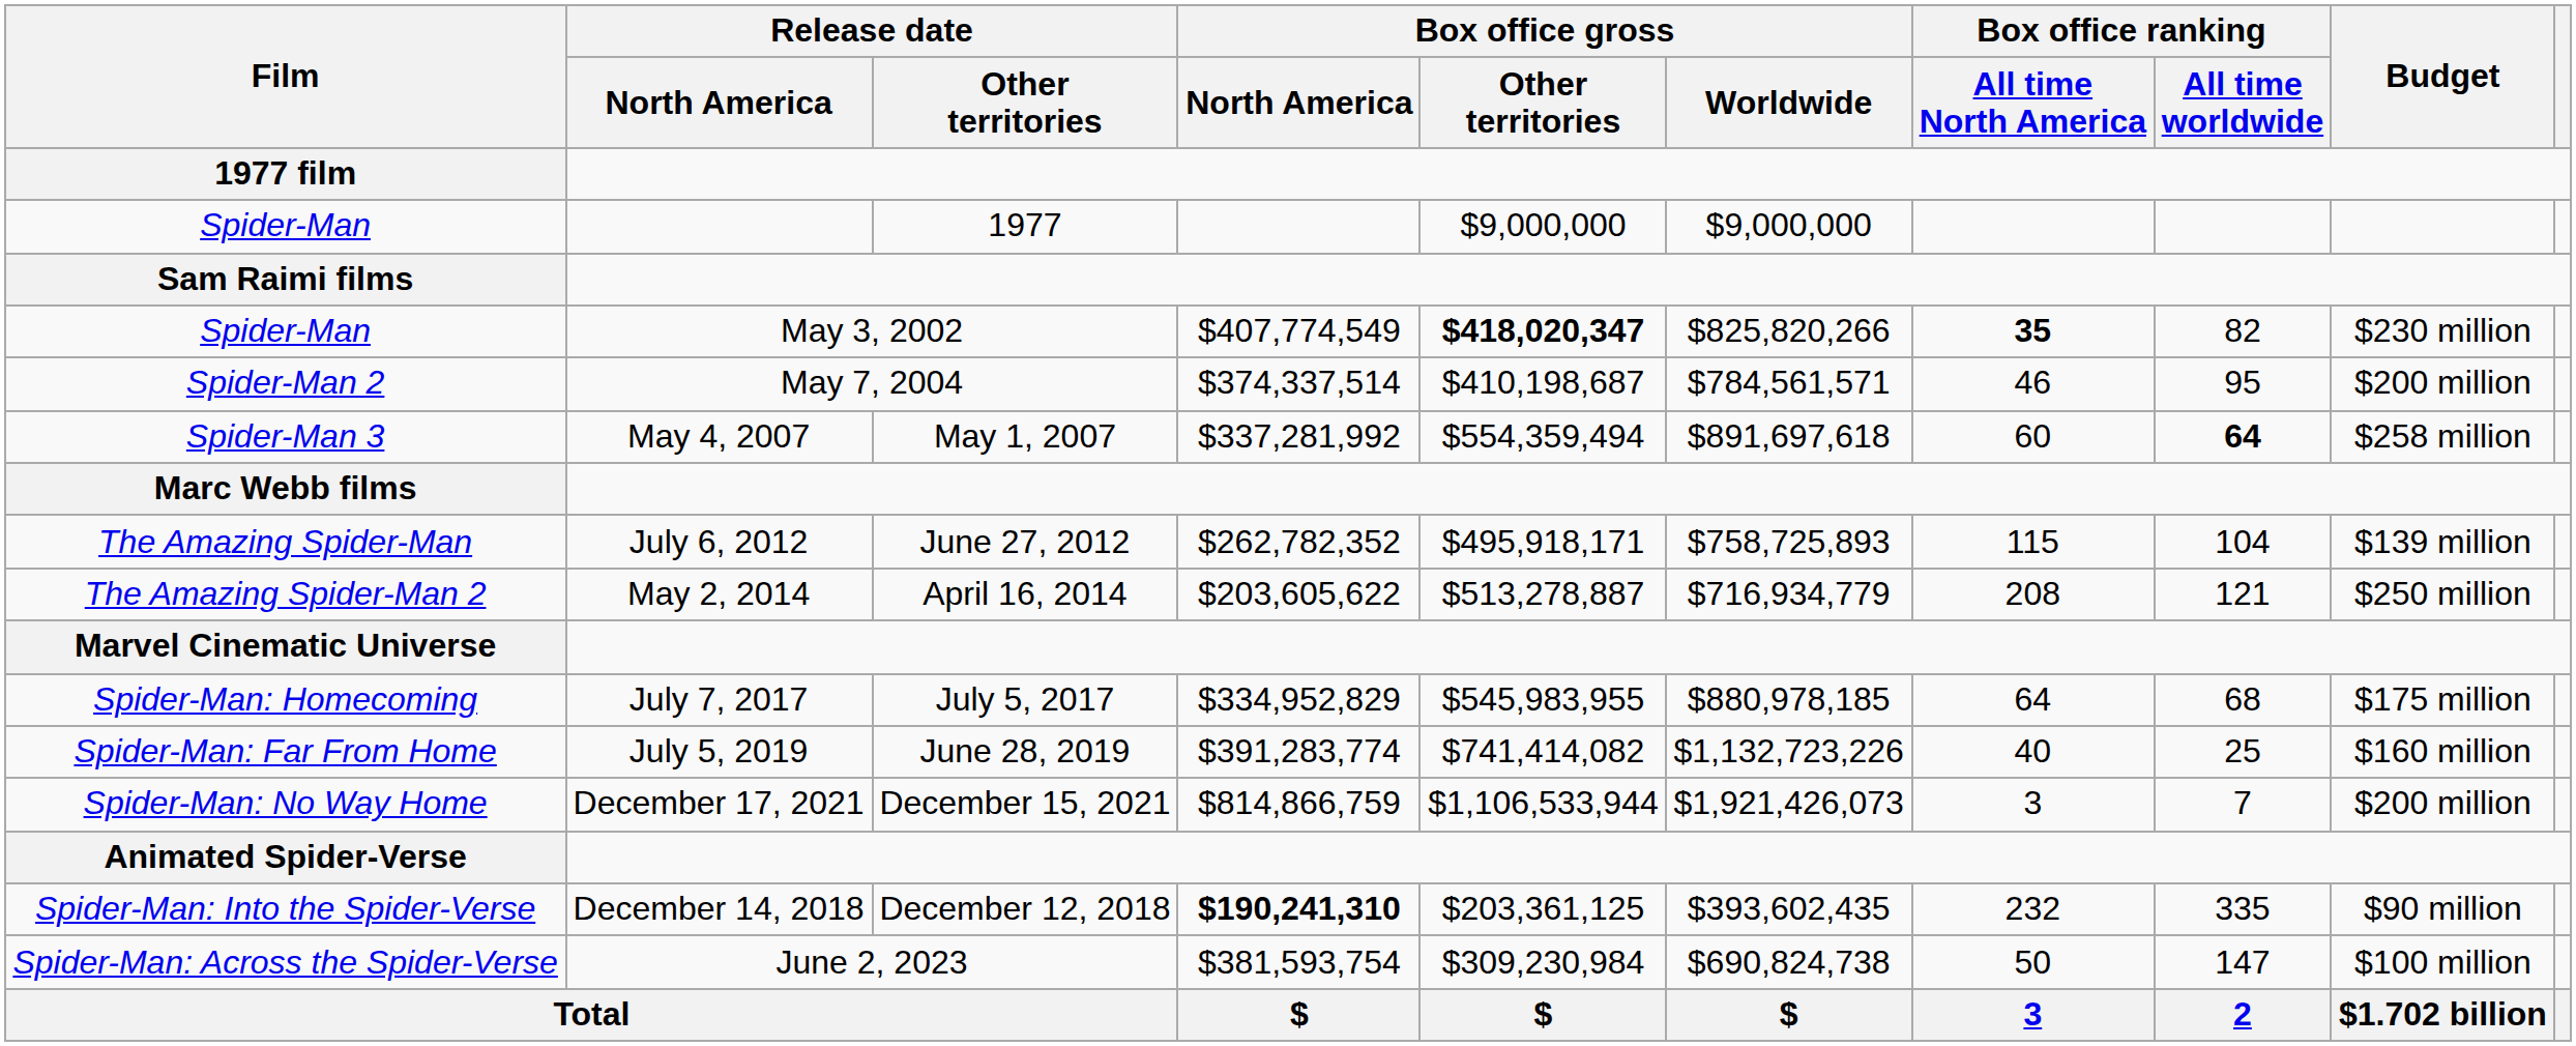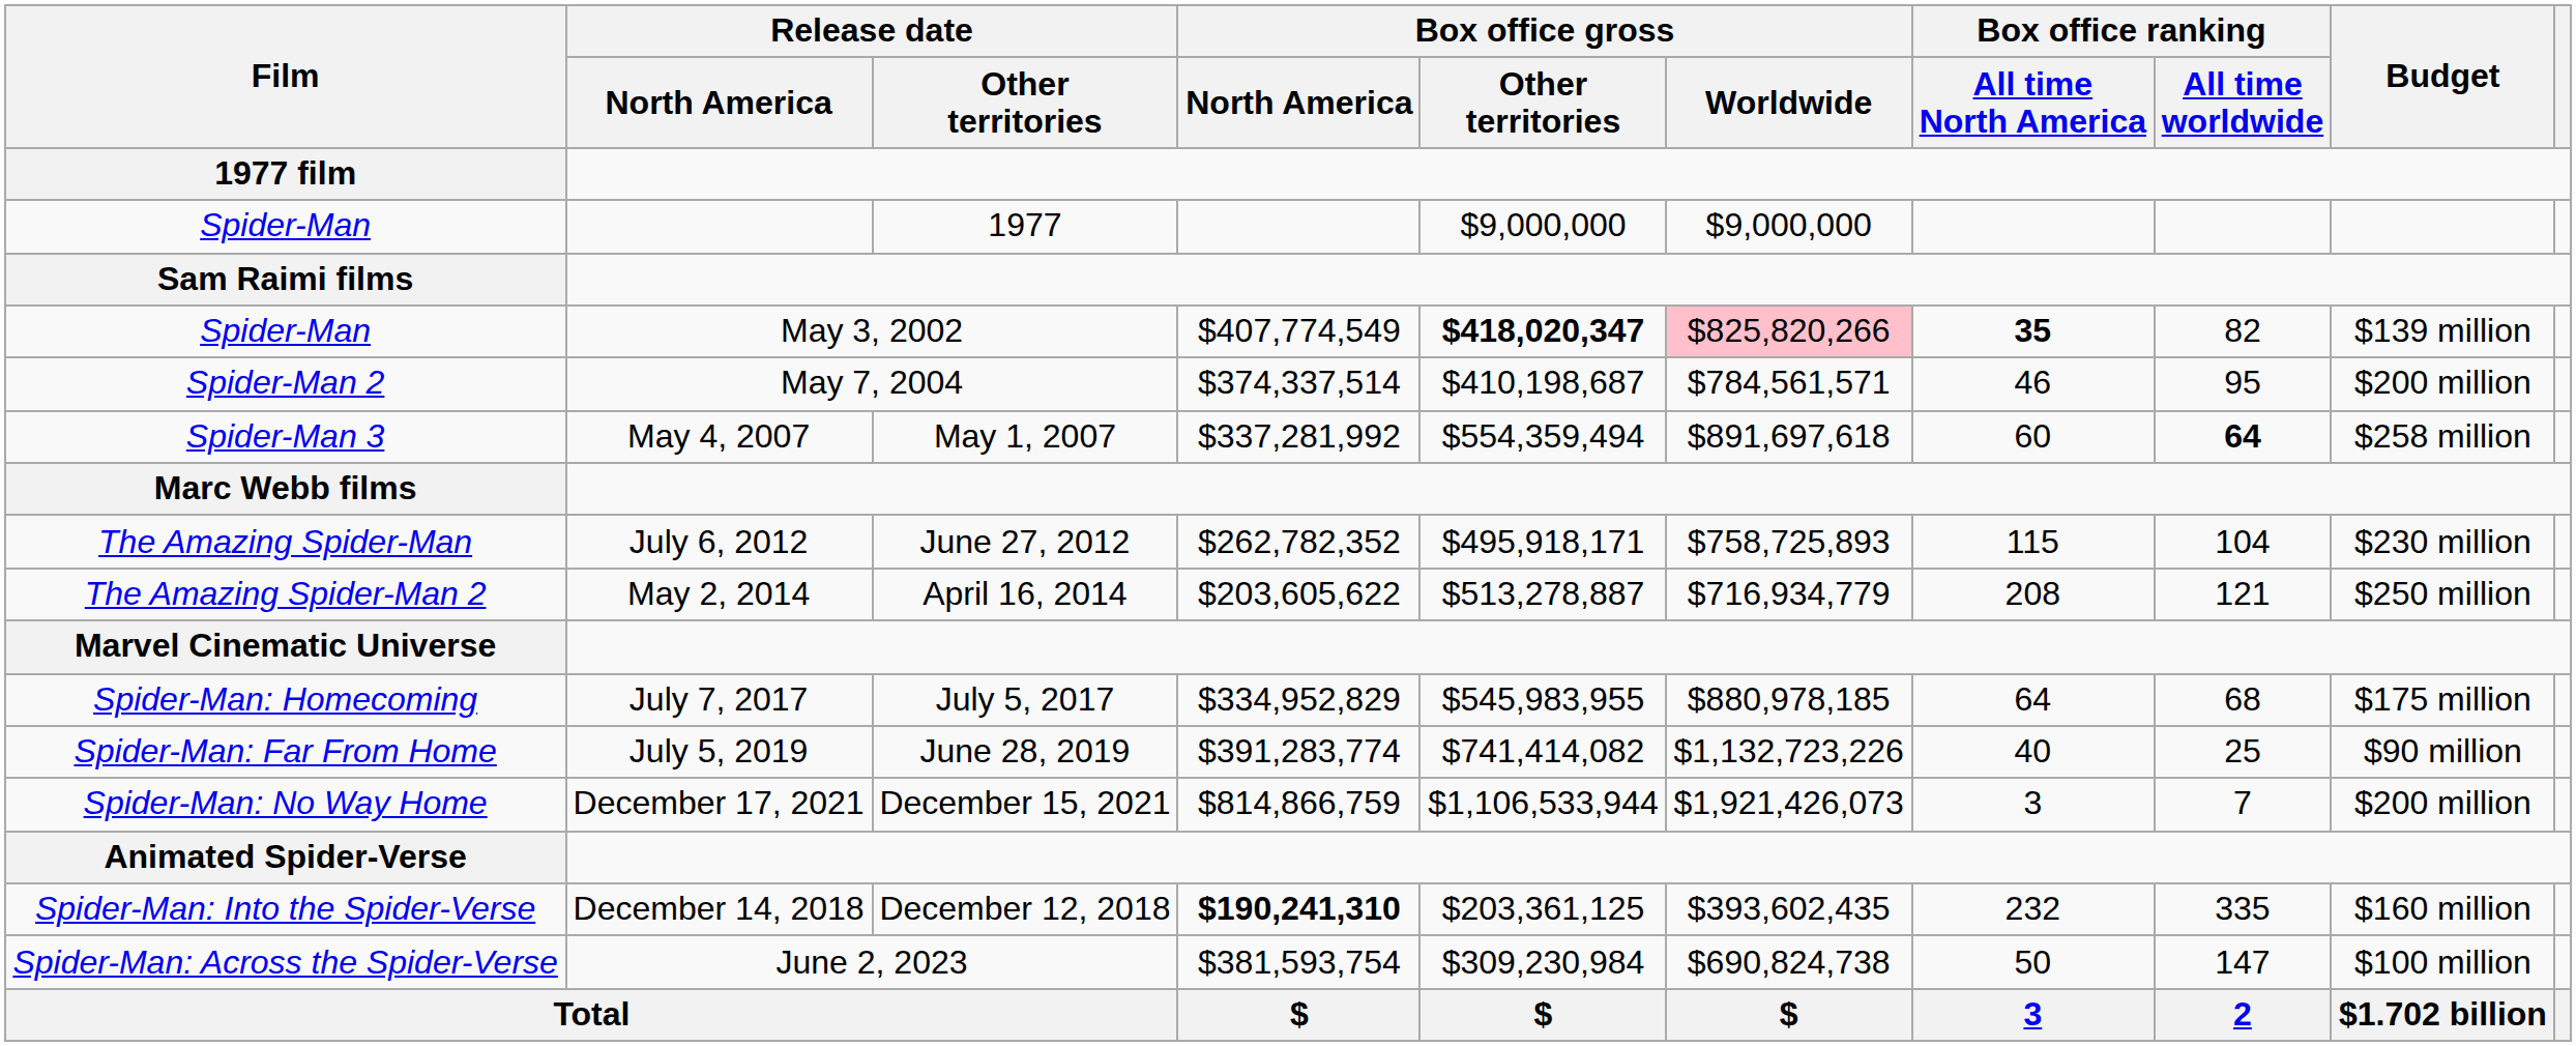 <table class="wikitable sortable" style="text-align:center">
 <tr>
 <th rowspan="2">Film</th>
 <th colspan="2">Release date</th>
 <th colspan="3">Box office gross</th>
 <th colspan="2" text="wrap">Box office ranking</th>
 <th rowspan="2">Budget</th>
 <th rowspan="2"></th>
 </tr>
 <tr>
 <th>North America</th>
 <th>Other <br>territories</th>
 <th>North America</th>
 <th>Other <br>territories</th>
 <th>Worldwide</th>
 <th><a href='#'>All time <br>North America</a></th>
 <th><a href='#'>All time <br>worldwide</a></th>
 </tr>
 <tr>
 <th>1977 film</th>
 </tr>
 <tr>
 <td><a href='#'><em>Spider-Man</em></a></td>
 <td></td>
 <td>1977</td>
 <td></td>
 <td>$9,000,000</td>
 <td>$9,000,000</td>
 <td></td>
 <td></td>
 <td></td>
 <td></td>
 </tr>
 <tr>
 <th>Sam Raimi films</th>
 </tr>
 <tr>
 <td><em><a href='#'>Spider-Man</a></em></td>
 <td colspan="2" style="text-align:center;">May 3, 2002</td>
 <td style="text-align:center;">$407,774,549</td>
 <td style="text-align:center;"><strong>$418,020,347</strong></td>
-<td style="text-align:center;">$825,820,266</td>
+<td style="background: pink; text-align:center;">$825,820,266</td>
 <td style="text-align:center;"><strong>35</strong></td>
 <td style="text-align:center;">82</td>
-<td style="text-align:center;">$230 million</td>
+<td style="text-align:center;">$139 million</td>
 <td style="text-align:center;"></td>
 </tr>
 <tr>
 <td><em><a href='#'>Spider-Man 2</a></em></td>
 <td colspan="2" style="text-align:center;">May 7, 2004</td>
 <td style="text-align:center;">$374,337,514</td>
 <td style="text-align:center;">$410,198,687</td>
 <td style="text-align:center;">$784,561,571</td>
 <td style="text-align:center;">46</td>
 <td style="text-align:center;">95</td>
 <td style="text-align:center;">$200 million</td>
 <td style="text-align:center;"></td>
 </tr>
 <tr>
 <td><em><a href='#'>Spider-Man 3</a></em></td>
 <td style="text-align:center;">May 4, 2007</td>
 <td style="text-align:center;">May 1, 2007</td>
 <td style="text-align:center;">$337,281,992</td>
 <td style="text-align:center;">$554,359,494</td>
 <td style="text-align:center;">$891,697,618</td>
 <td style="text-align:center;">60</td>
 <td style="text-align:center;"><strong>64</strong></td>
 <td style="text-align:center;">$258 million</td>
 <td style="text-align:center;"></td>
 </tr>
 <tr>
 <th>Marc Webb films</th>
 </tr>
 <tr>
 <td><em><a href='#'>The Amazing Spider-Man</a></em></td>
 <td style="text-align:center;">July 6, 2012</td>
 <td style="text-align:center;">June 27, 2012</td>
 <td style="text-align:center;">$262,782,352</td>
 <td style="text-align:center;">$495,918,171</td>
 <td style="text-align:center;">$758,725,893</td>
 <td style="text-align:center;">115</td>
 <td style="text-align:center;">104</td>
-<td style="text-align:center;">$139 million</td>
+<td style="text-align:center;">$230 million</td>
 <td style="text-align:center;"></td>
 </tr>
 <tr>
 <td><em><a href='#'>The Amazing Spider-Man 2</a></em></td>
 <td style="text-align:center;">May 2, 2014</td>
 <td style="text-align:center;">April 16, 2014</td>
 <td style="text-align:center;">$203,605,622</td>
 <td style="text-align:center;">$513,278,887</td>
 <td style="text-align:center;">$716,934,779</td>
 <td style="text-align:center;">208</td>
 <td style="text-align:center;">121</td>
 <td style="text-align:center;">$250 million</td>
 <td style="text-align:center;"></td>
 </tr>
 <tr>
 <th>Marvel Cinematic Universe</th>
 </tr>
 <tr>
 <td><em><a href='#'>Spider-Man: Homecoming</a></em></td>
 <td style="text-align:center;">July 7, 2017</td>
 <td style="text-align:center;">July 5, 2017</td>
 <td style="text-align:center;">$334,952,829</td>
 <td style="text-align:center;">$545,983,955</td>
 <td style="text-align:center;">$880,978,185</td>
 <td style="text-align:center;">64</td>
 <td style="text-align:center;">68</td>
 <td style="text-align:center;">$175 million</td>
 <td style="text-align:center;"></td>
 </tr>
 <tr>
 <td scope="row"><em><a href='#'>Spider-Man: Far From Home</a></em></td>
 <td style="text-align:center;">July 5, 2019</td>
 <td style="text-align:center;">June 28, 2019</td>
 <td style="text-align:center;">$391,283,774</td>
 <td style="text-align:center;">$741,414,082</td>
 <td style="text-align:center;">$1,132,723,226</td>
 <td style="text-align:center;">40</td>
 <td style="text-align:center;">25</td>
-<td style="text-align:center;">$160 million</td>
+<td style="text-align:center;">$90 million</td>
 <td style="text-align:center;"></td>
 </tr>
 <tr>
 <td scope="row"><em><a href='#'>Spider-Man: No Way Home</a></em></td>
 <td style="text-align:center;">December 17, 2021</td>
 <td style="text-align:center;">December 15, 2021</td>
 <td style="text-align:center;">$814,866,759</td>
 <td style="text-align:center;">$1,106,533,944</td>
 <td style="text-align:center;">$1,921,426,073</td>
 <td style="text-align:center;">3</td>
 <td style="text-align:center;">7</td>
 <td style="text-align:center;">$200 million</td>
 <td style="text-align:center;"></td>
 </tr>
 <tr>
 <th>Animated Spider-Verse</th>
 </tr>
 <tr>
 <td><em><a href='#'>Spider-Man: Into the Spider-Verse</a></em></td>
 <td style="text-align:center;">December 14, 2018</td>
 <td style="text-align:center;">December 12, 2018</td>
 <td style="text-align:center;"><strong>$190,241,310</strong></td>
 <td style="text-align:center;">$203,361,125</td>
 <td style="text-align:center;">$393,602,435</td>
 <td style="text-align:center;">232</td>
 <td style="text-align:center;">335</td>
-<td style="text-align:center;">$90 million</td>
+<td style="text-align:center;">$160 million</td>
 <td style="text-align:center;"></td>
 </tr>
 <tr>
 <td><em><a href='#'>Spider-Man: Across the Spider-Verse</a></em></td>
 <td colspan="2" style="text-align:center;">June 2, 2023</td>
 <td style="text-align:center;">$381,593,754</td>
 <td style="text-align:center;">$309,230,984</td>
 <td style="text-align:center;">$690,824,738</td>
 <td style="text-align:center;">50</td>
 <td style="text-align:center;">147</td>
 <td style="text-align:center;">$100 million</td>
 <td></td>
 </tr>
 <tr>
 <th colspan="3">Total</th>
 <th>$</th>
 <th>$</th>
 <th>$</th>
 <th><a href='#'>3</a></th>
 <th><a href='#'>2</a></th>
 <th>$1.702 billion</th>
 <th><br></th>
 </tr>
 </table>
